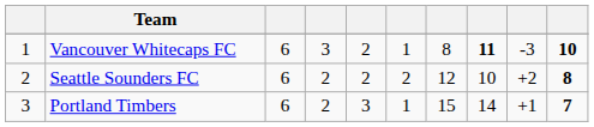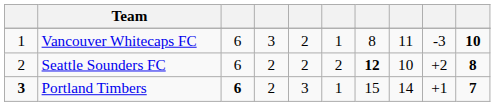 <table class="wikitable" style="text-align: center;">
 <tr>
 <th width="28"></th>
 <th width="185">Team</th>
 <th width="28"></th>
 <th width="28"></th>
 <th width="28"></th>
 <th width="28"></th>
 <th width="28"></th>
 <th width="28"></th>
 <th width="28"></th>
 <th width="28"></th>
 </tr>
 <tr bgcolor="">
 </tr>
 <tr>
 <td>1</td>
 <td style="text-align:left;"><a href='#'>Vancouver Whitecaps FC</a></td>
 <td>6</td>
 <td>3</td>
 <td>2</td>
 <td>1</td>
 <td>8</td>
-<td><strong>11</strong></td>
+<td>11</td>
 <td>-3</td>
 <td><strong>10</strong></td>
 </tr>
 <tr>
 <td>2</td>
 <td style="text-align:left;"><a href='#'>Seattle Sounders FC</a></td>
 <td>6</td>
 <td>2</td>
 <td>2</td>
 <td>2</td>
-<td>12</td>
+<td><strong>12</strong></td>
 <td>10</td>
 <td>+2</td>
 <td><strong>8</strong></td>
 </tr>
 <tr>
-<td>3</td>
+<td><strong>3</strong></td>
 <td style="text-align:left;"><a href='#'>Portland Timbers</a></td>
-<td>6</td>
+<td><strong>6</strong></td>
 <td>2</td>
 <td>3</td>
 <td>1</td>
 <td>15</td>
 <td>14</td>
 <td>+1</td>
 <td><strong>7</strong></td>
 </tr>
 </table>
